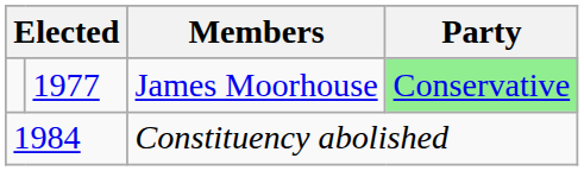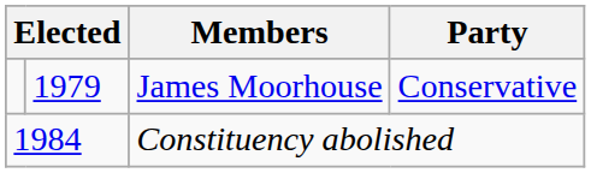 <table class="wikitable">
 <tr>
 <th colspan = "2">Elected</th>
 <th>Members</th>
 <th>Party</th>
 </tr>
 <tr>
 <td style="background-color: "></td>
-<td><a href='#'>1977</a></td>
+<td><a href='#'>1979</a></td>
 <td><a href='#'>James Moorhouse</a></td>
-<td style="background: lightgreen;"><a href='#'>Conservative</a></td>
+<td><a href='#'>Conservative</a></td>
 </tr>
 <tr>
 <td colspan="2"><a href='#'>1984</a></td>
 <td colspan="2"><em>Constituency abolished</em></td>
 </tr>
 </table>
